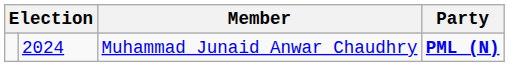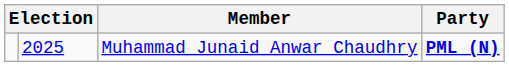 <table class="wikitable">
 <tr>
 <th colspan="2">Election</th>
 <th>Member</th>
 <th>Party</th>
 </tr>
 <tr>
 <td style="background-color: "></td>
-<td><a href='#'>2024</a></td>
+<td><a href='#'>2025</a></td>
 <td><a href='#'>Muhammad Junaid Anwar Chaudhry</a></td>
 <td><strong><a href='#'>PML (N)</a></strong></td>
 </tr>
 </table>
